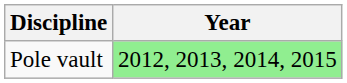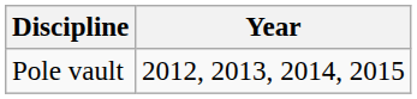 <table class="wikitable">
 <tr>
 <th>Discipline</th>
 <th>Year</th>
 </tr>
 <tr>
 <td>Pole vault</td>
-<td style="background: lightgreen;">2012, 2013, 2014, 2015</td>
+<td>2012, 2013, 2014, 2015</td>
 </tr>
 </table>
